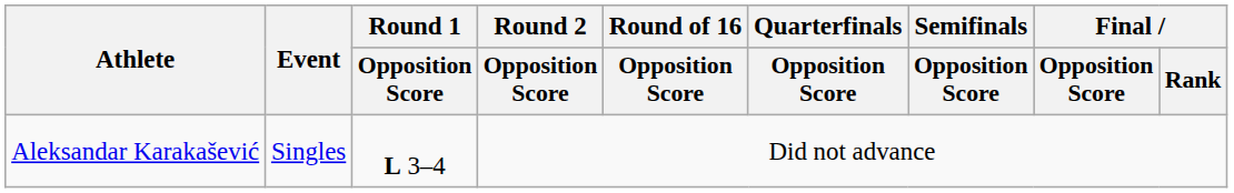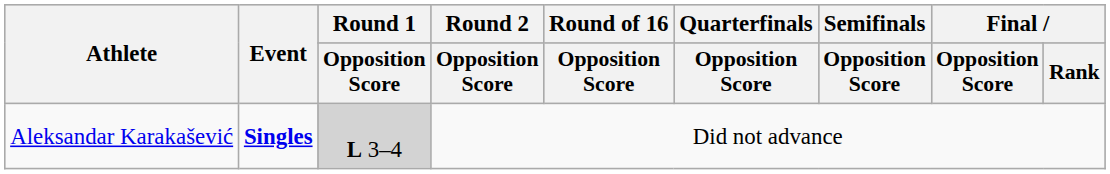 <table class=wikitable style="font-size:90%">
 <tr>
 <th rowspan="2">Athlete</th>
 <th rowspan="2">Event</th>
 <th>Round 1</th>
 <th>Round 2</th>
 <th>Round of 16</th>
 <th>Quarterfinals</th>
 <th>Semifinals</th>
 <th colspan=2>Final / </th>
 </tr>
 <tr style="font-size:95%">
 <th>Opposition<br>Score</th>
 <th>Opposition<br>Score</th>
 <th>Opposition<br>Score</th>
 <th>Opposition<br>Score</th>
 <th>Opposition<br>Score</th>
 <th>Opposition<br>Score</th>
 <th>Rank</th>
 </tr>
 <tr align=center>
 <td align=left><a href='#'>Aleksandar Karakašević</a></td>
-<td align=left><a href='#'>Singles</a></td>
-<td><br><strong>L</strong> 3–4</td>
+<td align=left><strong><a href='#'>Singles</a></strong></td>
+<td style="background: lightgrey;"><br><strong>L</strong> 3–4</td>
 <td colspan=6 align=center>Did not advance</td>
 </tr>
 </table>
